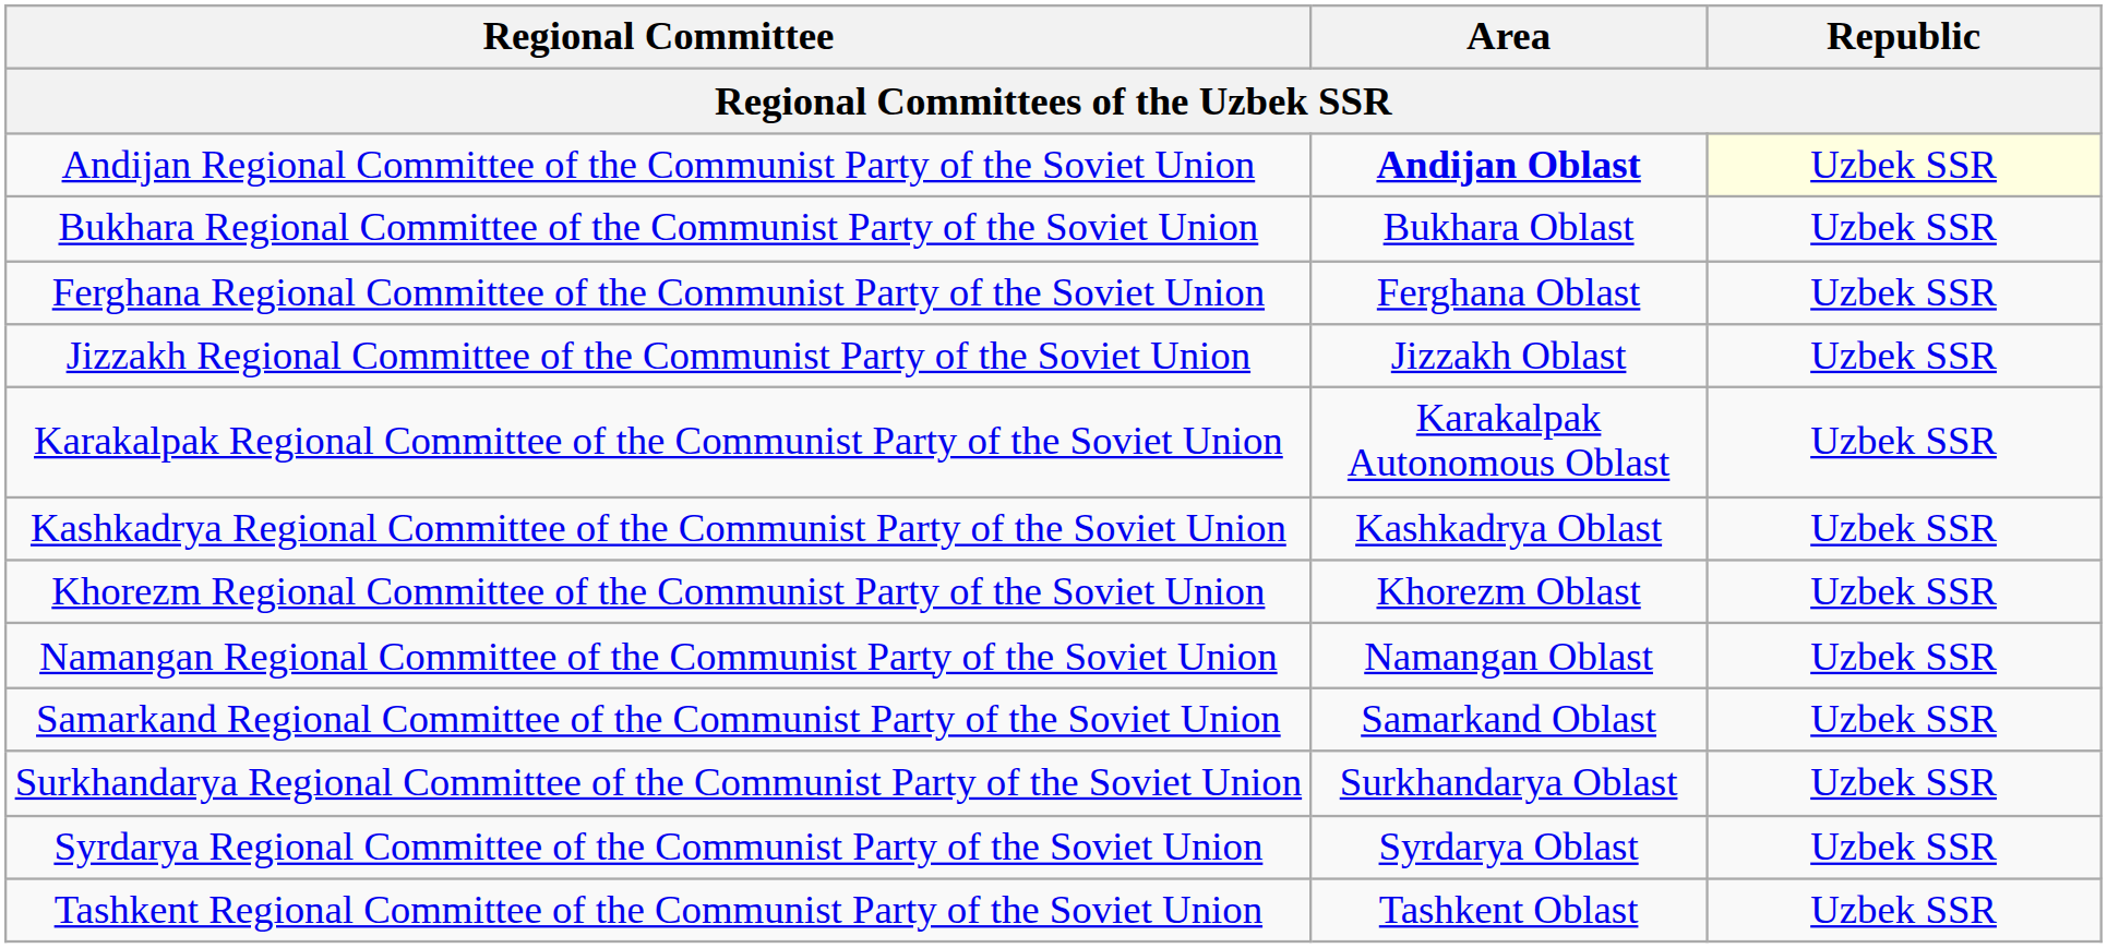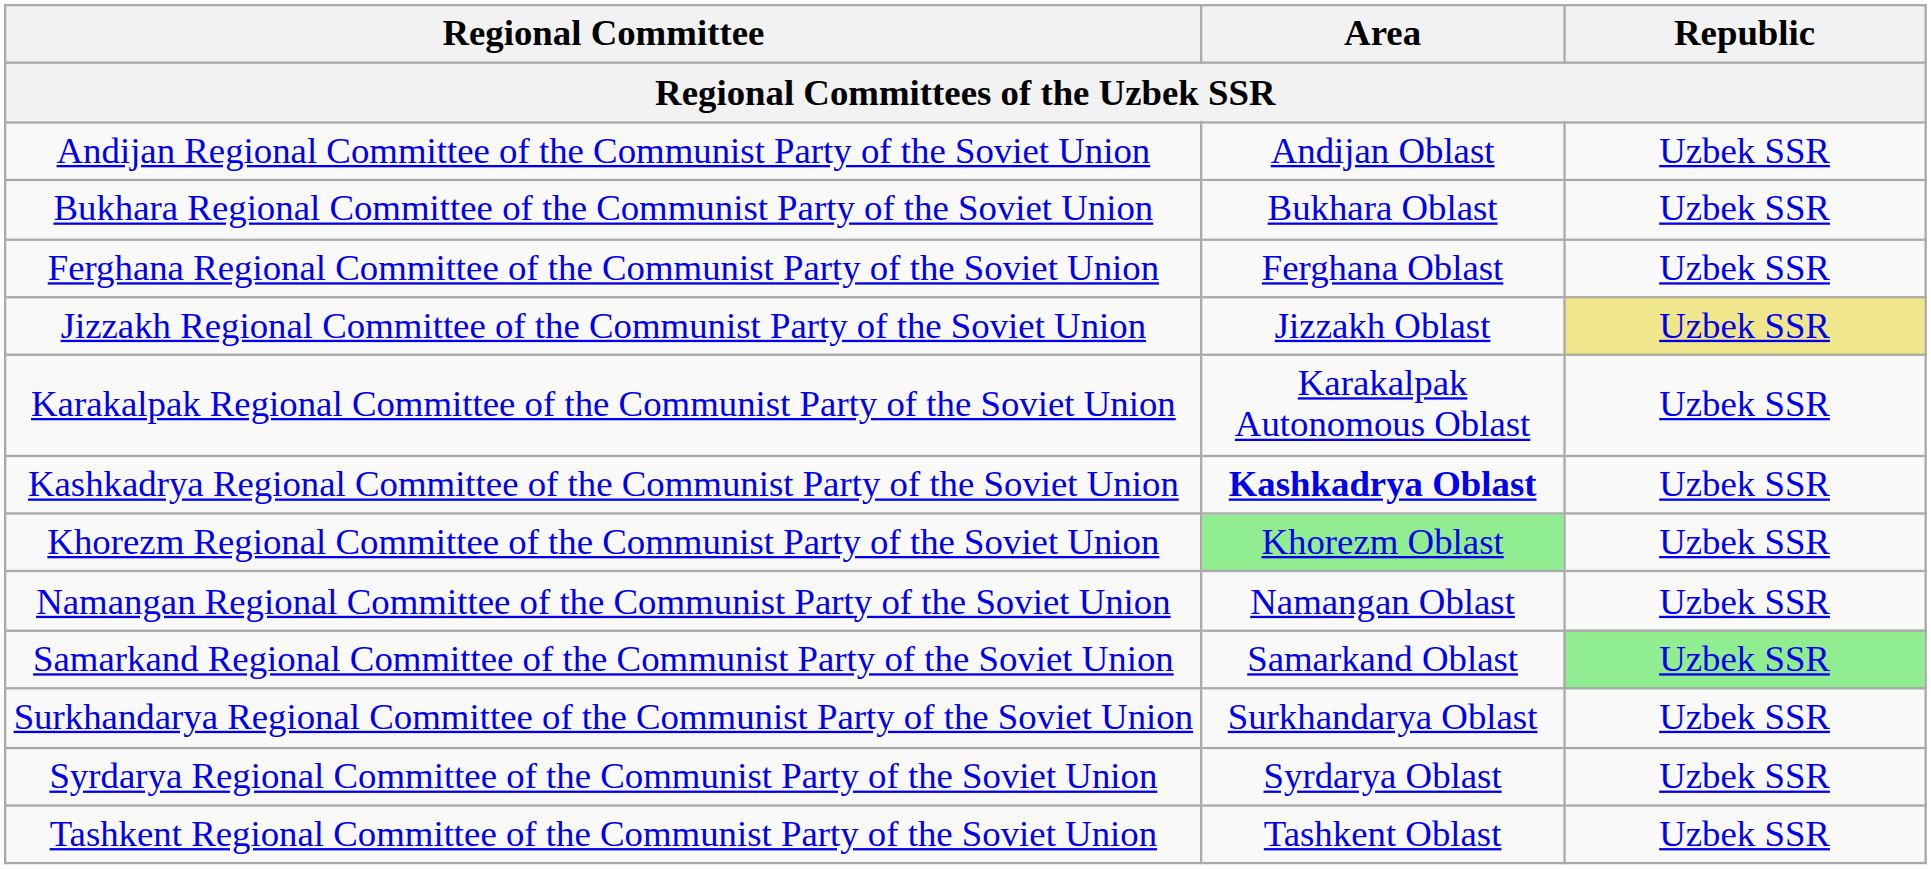 <table class="wikitable" style="text-align:center">
 <tr>
 <th>Regional Committee</th>
 <th width="150">Area</th>
 <th width="150">Republic</th>
 </tr>
 <tr>
 <th colspan="3"><strong>Regional Committees of the Uzbek SSR</strong></th>
 </tr>
 <tr>
 <td><a href='#'>Andijan Regional Committee of the Communist Party of the Soviet Union</a></td>
-<td><strong><a href='#'>Andijan Oblast</a></strong></td>
-<td style="background: lightyellow;"> <a href='#'>Uzbek SSR</a></td>
+<td><a href='#'>Andijan Oblast</a></td>
+<td> <a href='#'>Uzbek SSR</a></td>
 </tr>
 <tr>
 <td><a href='#'>Bukhara Regional Committee of the Communist Party of the Soviet Union</a></td>
 <td><a href='#'>Bukhara Oblast</a></td>
 <td> <a href='#'>Uzbek SSR</a></td>
 </tr>
 <tr>
 <td><a href='#'>Ferghana Regional Committee of the Communist Party of the Soviet Union</a></td>
 <td><a href='#'>Ferghana Oblast</a></td>
 <td> <a href='#'>Uzbek SSR</a></td>
 </tr>
 <tr>
 <td><a href='#'>Jizzakh Regional Committee of the Communist Party of the Soviet Union</a></td>
 <td><a href='#'>Jizzakh Oblast</a></td>
-<td> <a href='#'>Uzbek SSR</a></td>
+<td style="background: khaki;"> <a href='#'>Uzbek SSR</a></td>
 </tr>
 <tr>
 <td><a href='#'>Karakalpak Regional Committee of the Communist Party of the Soviet Union</a></td>
 <td><a href='#'>Karakalpak Autonomous Oblast</a></td>
 <td> <a href='#'>Uzbek SSR</a></td>
 </tr>
 <tr>
 <td><a href='#'>Kashkadrya Regional Committee of the Communist Party of the Soviet Union</a></td>
-<td><a href='#'>Kashkadrya Oblast</a></td>
+<td><strong><a href='#'>Kashkadrya Oblast</a></strong></td>
 <td> <a href='#'>Uzbek SSR</a></td>
 </tr>
 <tr>
 <td><a href='#'>Khorezm Regional Committee of the Communist Party of the Soviet Union</a></td>
-<td><a href='#'>Khorezm Oblast</a></td>
+<td style="background: lightgreen;"><a href='#'>Khorezm Oblast</a></td>
 <td> <a href='#'>Uzbek SSR</a></td>
 </tr>
 <tr>
 <td><a href='#'>Namangan Regional Committee of the Communist Party of the Soviet Union</a></td>
 <td><a href='#'>Namangan Oblast</a></td>
 <td> <a href='#'>Uzbek SSR</a></td>
 </tr>
 <tr>
 <td><a href='#'>Samarkand Regional Committee of the Communist Party of the Soviet Union</a></td>
 <td><a href='#'>Samarkand Oblast</a></td>
-<td> <a href='#'>Uzbek SSR</a></td>
+<td style="background: lightgreen;"> <a href='#'>Uzbek SSR</a></td>
 </tr>
 <tr>
 <td><a href='#'>Surkhandarya Regional Committee of the Communist Party of the Soviet Union</a></td>
 <td><a href='#'>Surkhandarya Oblast</a></td>
 <td> <a href='#'>Uzbek SSR</a></td>
 </tr>
 <tr>
 <td><a href='#'>Syrdarya Regional Committee of the Communist Party of the Soviet Union</a></td>
 <td><a href='#'>Syrdarya Oblast</a></td>
 <td> <a href='#'>Uzbek SSR</a></td>
 </tr>
 <tr>
 <td><a href='#'>Tashkent Regional Committee of the Communist Party of the Soviet Union</a></td>
 <td><a href='#'>Tashkent Oblast</a></td>
 <td> <a href='#'>Uzbek SSR</a></td>
 </tr>
 </table>
